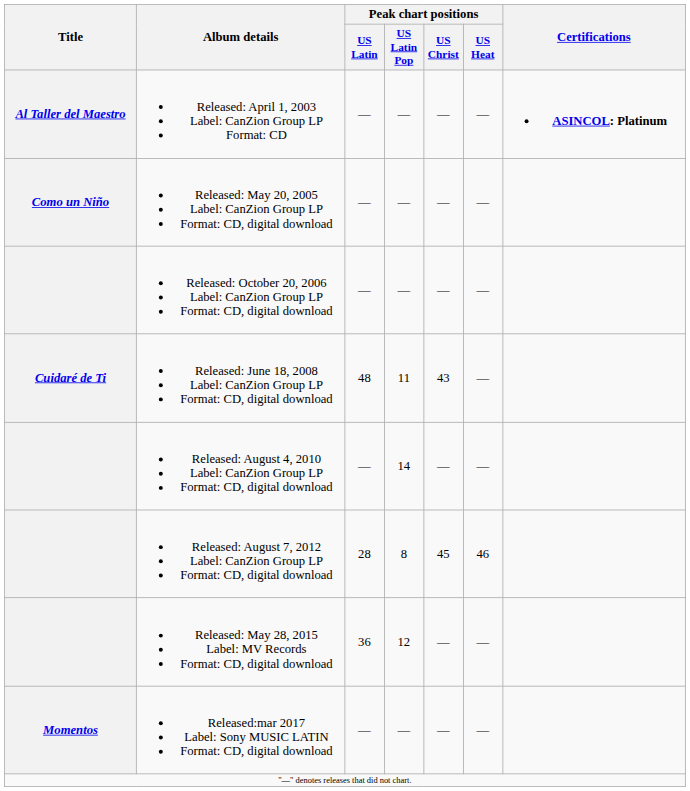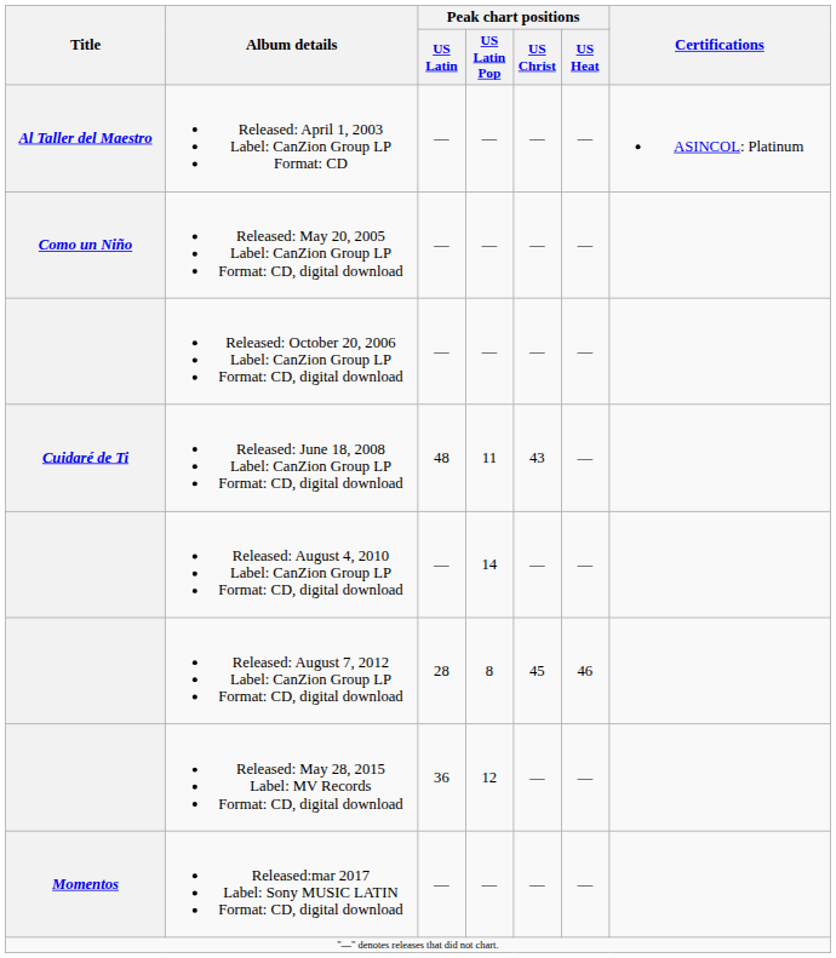 <table class="wikitable plainrowheaders" style="text-align:center;" border="1">
 <tr>
 <th scope="col" rowspan="2" style="width:10em;">Title</th>
 <th scope="col" rowspan="2" style="width:16em;">Album details</th>
 <th scope="col" colspan="4">Peak chart positions</th>
 <th scope="col" rowspan="2" style="width:14em;"><a href='#'>Certifications</a></th>
 </tr>
 <tr>
 <th scope="col" style="width:3em;font-size:90%;"><a href='#'>US<br>Latin</a><br></th>
 <th scope="col" style="width:3em;font-size:90%;"><a href='#'>US<br>Latin Pop</a><br></th>
 <th scope="col" style="width:3em;font-size:90%;"><a href='#'>US<br>Christ</a><br></th>
 <th scope="col" style="width:3em;font-size:90%;"><a href='#'>US<br>Heat</a><br></th>
 </tr>
 <tr>
 <th scope="row"><em><a href='#'>Al Taller del Maestro</a></em></th>
 <td><br><ul><li>Released: April 1, 2003</li><li>Label: CanZion Group LP</li><li>Format: CD</li></ul></td>
 <td>—</td>
 <td>—</td>
 <td>—</td>
 <td>—</td>
-<td><strong><br><ul><li><a href='#'>ASINCOL</a>: Platinum</li></ul></strong></td>
+<td><br><ul><li><a href='#'>ASINCOL</a>: Platinum</li></ul></td>
 </tr>
 <tr>
 <th scope="row"><em><a href='#'>Como un Niño</a></em></th>
 <td><br><ul><li>Released: May 20, 2005</li><li>Label: CanZion Group LP</li><li>Format: CD, digital download</li></ul></td>
 <td>—</td>
 <td>—</td>
 <td>—</td>
 <td>—</td>
 <td></td>
 </tr>
 <tr>
 <th scope="row"></th>
 <td><br><ul><li>Released: October 20, 2006</li><li>Label: CanZion Group LP</li><li>Format: CD, digital download</li></ul></td>
 <td>—</td>
 <td>—</td>
 <td>—</td>
 <td>—</td>
 <td></td>
 </tr>
 <tr>
 <th scope="row"><em><a href='#'>Cuidaré de Ti</a></em></th>
 <td><br><ul><li>Released: June 18, 2008</li><li>Label: CanZion Group LP</li><li>Format: CD, digital download</li></ul></td>
 <td>48</td>
 <td>11</td>
 <td>43</td>
 <td>—</td>
 <td></td>
 </tr>
 <tr>
 <th scope="row"></th>
 <td><br><ul><li>Released: August 4, 2010</li><li>Label: CanZion Group LP</li><li>Format: CD, digital download</li></ul></td>
 <td>—</td>
 <td>14</td>
 <td>—</td>
 <td>—</td>
 <td></td>
 </tr>
 <tr>
 <th scope="row"></th>
 <td><br><ul><li>Released: August 7, 2012</li><li>Label: CanZion Group LP</li><li>Format: CD, digital download</li></ul></td>
 <td>28</td>
 <td>8</td>
 <td>45</td>
 <td>46</td>
 <td></td>
 </tr>
 <tr>
 <th scope="row"></th>
 <td><br><ul><li>Released: May 28, 2015</li><li>Label: MV Records</li><li>Format: CD, digital download</li></ul></td>
 <td>36</td>
 <td>12</td>
 <td>—</td>
 <td>—</td>
 <td></td>
 </tr>
 <tr>
 <th scope="row"><em><a href='#'>Momentos</a></em></th>
 <td><br><ul><li>Released:mar 2017</li><li>Label: Sony MUSIC LATIN</li><li>Format: CD, digital download</li></ul></td>
 <td>—</td>
 <td>—</td>
 <td>—</td>
 <td>—</td>
 <td></td>
 </tr>
 <tr>
 <td colspan="21" style="text-align:center; font-size:8pt;">"—" denotes releases that did not chart.</td>
 </tr>
 </table>
